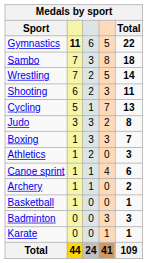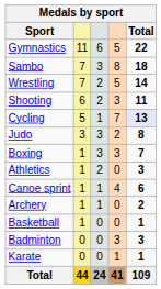 <table class="wikitable" style="text-align:center;font-size:85%;float:right;clear:right;">
 <tr style="background:#efefef;">
 <th colspan=5>Medals by sport</th>
 </tr>
 <tr>
 <th>Sport</th>
 <td bgcolor=#f7f6a8></td>
 <td bgcolor=#dce5e5></td>
 <td bgcolor=#ffdab9></td>
 <th>Total</th>
 </tr>
 <tr>
 <td align=left><a href='#'>Gymnastics</a></td>
-<td bgcolor=#f7f6a8><strong>11</strong></td>
+<td bgcolor=#f7f6a8>11</td>
 <td bgcolor=#dce5e5>6</td>
 <td bgcolor=#ffdab9>5</td>
 <td><strong>22</strong></td>
 </tr>
 <tr>
 <td align=left><a href='#'>Sambo</a></td>
 <td bgcolor=#f7f6a8>7</td>
 <td bgcolor=#dce5e5>3</td>
 <td bgcolor=#ffdab9>8</td>
 <td><strong>18</strong></td>
 </tr>
 <tr>
 <td align=left><a href='#'>Wrestling</a></td>
 <td bgcolor=#f7f6a8>7</td>
 <td bgcolor=#dce5e5>2</td>
 <td bgcolor=#ffdab9>5</td>
 <td><strong>14</strong></td>
 </tr>
 <tr>
 <td align=left><a href='#'>Shooting</a></td>
 <td bgcolor=#f7f6a8>6</td>
 <td bgcolor=#dce5e5>2</td>
 <td bgcolor=#ffdab9>3</td>
 <td><strong>11</strong></td>
 </tr>
 <tr>
 <td align=left><a href='#'>Cycling</a></td>
 <td bgcolor=#f7f6a8>5</td>
 <td bgcolor=#dce5e5>1</td>
 <td bgcolor=#ffdab9>7</td>
-<td><strong>13</strong></td>
+<td style="background: lavender;"><strong>13</strong></td>
 </tr>
 <tr>
 <td align=left><a href='#'>Judo</a></td>
 <td bgcolor=#f7f6a8>3</td>
 <td bgcolor=#dce5e5>3</td>
 <td bgcolor=#ffdab9>2</td>
 <td><strong>8</strong></td>
 </tr>
 <tr>
 <td align=left><a href='#'>Boxing</a></td>
 <td bgcolor=#f7f6a8>1</td>
 <td bgcolor=#dce5e5>3</td>
 <td bgcolor=#ffdab9>3</td>
 <td><strong>7</strong></td>
 </tr>
 <tr>
 <td align=left><a href='#'>Athletics</a></td>
 <td bgcolor=#f7f6a8>1</td>
 <td bgcolor=#dce5e5>2</td>
 <td bgcolor=#ffdab9>0</td>
 <td><strong>3</strong></td>
 </tr>
 <tr>
 <td align=left><a href='#'>Canoe sprint</a></td>
 <td bgcolor=#f7f6a8>1</td>
 <td bgcolor=#dce5e5>1</td>
 <td bgcolor=#ffdab9>4</td>
 <td><strong>6</strong></td>
 </tr>
 <tr>
 <td align=left><a href='#'>Archery</a></td>
 <td bgcolor=#f7f6a8>1</td>
 <td bgcolor=#dce5e5>1</td>
 <td bgcolor=#ffdab9>0</td>
 <td><strong>2</strong></td>
 </tr>
 <tr>
 <td align=left><a href='#'>Basketball</a></td>
 <td bgcolor=#f7f6a8>1</td>
 <td bgcolor=#dce5e5>0</td>
 <td bgcolor=#ffdab9>0</td>
 <td><strong>1</strong></td>
 </tr>
 <tr>
 <td align=left><a href='#'>Badminton</a></td>
 <td bgcolor=#f7f6a8>0</td>
 <td bgcolor=#dce5e5>0</td>
 <td bgcolor=#ffdab9>3</td>
 <td><strong>3</strong></td>
 </tr>
 <tr>
 <td align=left><a href='#'>Karate</a></td>
 <td bgcolor=#f7f6a8>0</td>
 <td bgcolor=#dce5e5>0</td>
 <td bgcolor=#ffdab9>1</td>
 <td><strong>1</strong></td>
 </tr>
 <tr>
 <th>Total</th>
 <th style="background:gold;">44</th>
 <th style="background:silver;">24</th>
 <th style="background:#c96;">41</th>
 <th>109</th>
 </tr>
 </table>
